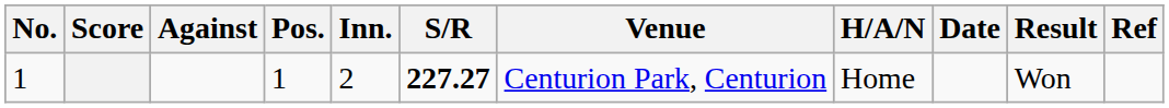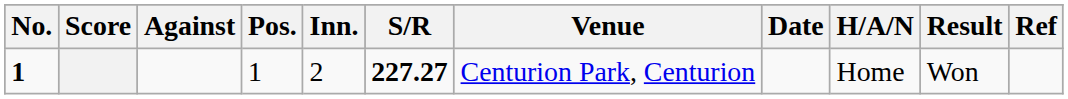 <table class="wikitable plainrowheaders sortable">
 <tr>
 <th>No.</th>
 <th>Score</th>
 <th>Against</th>
 <th>Pos.</th>
 <th>Inn.</th>
 <th>S/R</th>
 <th>Venue</th>
+<th>Date</th>
 <th>H/A/N</th>
-<th>Date</th>
 <th>Result</th>
 <th scope="col" class="unsortable">Ref</th>
 </tr>
 <tr>
-<td>1</td>
+<td><strong>1</strong></td>
 <th scope="row"> </th>
 <td></td>
 <td>1</td>
 <td>2</td>
 <td><strong>227.27</strong></td>
 <td><a href='#'>Centurion Park</a>, <a href='#'>Centurion</a></td>
+<td></td>
 <td>Home</td>
-<td></td>
 <td>Won</td>
 <td></td>
 </tr>
 </table>
